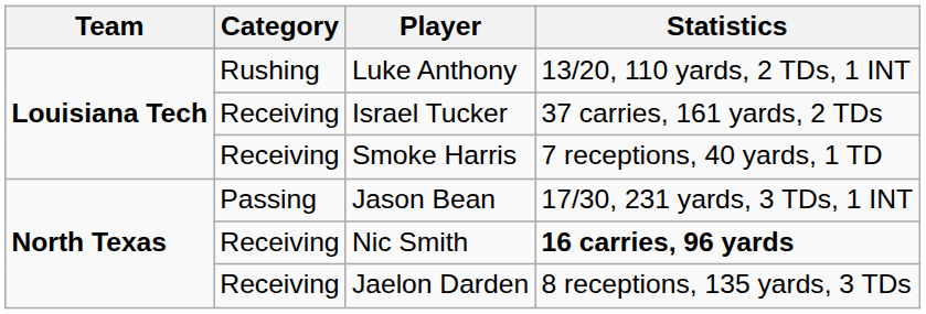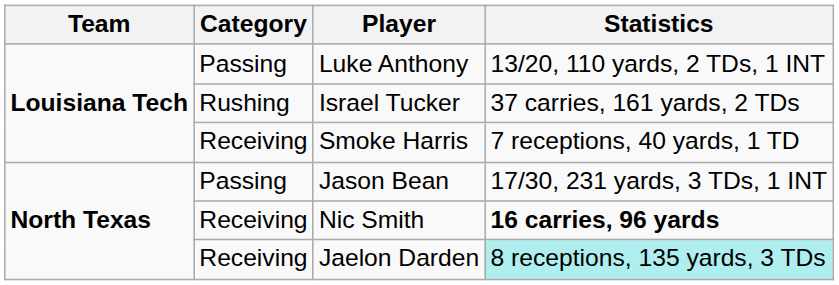 <table class="wikitable" style="float: left;">
 <tr>
 <th>Team</th>
 <th>Category</th>
 <th>Player</th>
 <th>Statistics</th>
 </tr>
 <tr>
 <td rowspan=3><strong>Louisiana Tech</strong></td>
-<td>Rushing</td>
+<td>Passing</td>
 <td>Luke Anthony</td>
 <td>13/20, 110 yards, 2 TDs, 1 INT</td>
 </tr>
 <tr>
-<td>Receiving</td>
+<td>Rushing</td>
 <td>Israel Tucker</td>
 <td>37 carries, 161 yards, 2 TDs</td>
 </tr>
 <tr>
 <td>Receiving</td>
 <td>Smoke Harris</td>
 <td>7 receptions, 40 yards, 1 TD</td>
 </tr>
 <tr>
 <td rowspan=3><strong>North Texas</strong></td>
 <td>Passing</td>
 <td>Jason Bean</td>
 <td>17/30, 231 yards, 3 TDs, 1 INT</td>
 </tr>
 <tr>
 <td>Receiving</td>
 <td>Nic Smith</td>
 <td><strong>16 carries, 96 yards</strong></td>
 </tr>
 <tr>
 <td>Receiving</td>
 <td>Jaelon Darden</td>
-<td>8 receptions, 135 yards, 3 TDs</td>
+<td style="background: paleturquoise;">8 receptions, 135 yards, 3 TDs</td>
 </tr>
 </table>
